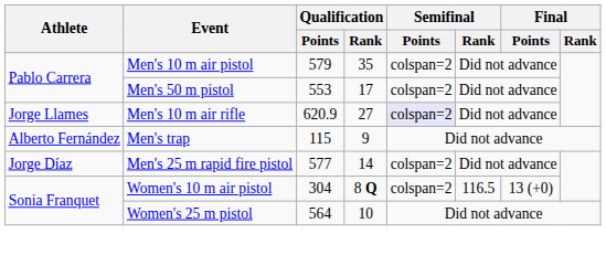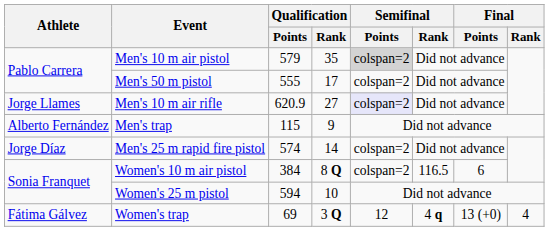 <table class="wikitable" style="font-size:90%">
 <tr>
 <th rowspan="2">Athlete</th>
 <th rowspan="2">Event</th>
 <th colspan=2>Qualification</th>
 <th colspan=2>Semifinal</th>
 <th colspan=2>Final</th>
 </tr>
 <tr style="font-size:95%">
 <th>Points</th>
 <th>Rank</th>
 <th>Points</th>
 <th>Rank</th>
 <th>Points</th>
 <th>Rank</th>
 </tr>
 <tr align=center>
 <td style="text-align:left;" rowspan="2"><a href='#'>Pablo Carrera</a></td>
 <td align=left><a href='#'>Men's 10 m air pistol</a></td>
 <td>579</td>
 <td>35</td>
-<td>colspan=2 </td>
+<td style="background: lightgrey;">colspan=2 </td>
 <td colspan=2>Did not advance</td>
 </tr>
 <tr align=center>
 <td align=left><a href='#'>Men's 50 m pistol</a></td>
-<td>553</td>
+<td>555</td>
 <td>17</td>
 <td>colspan=2 </td>
 <td colspan=2>Did not advance</td>
 </tr>
 <tr align=center>
 <td align=left><a href='#'>Jorge Llames</a></td>
 <td align=left><a href='#'>Men's 10 m air rifle</a></td>
 <td>620.9</td>
 <td>27</td>
 <td style="background: lavender;">colspan=2 </td>
 <td colspan=2>Did not advance</td>
 </tr>
 <tr align=center>
 <td align=left><a href='#'>Alberto Fernández</a></td>
 <td align=left><a href='#'>Men's trap</a></td>
 <td>115</td>
 <td>9</td>
 <td colspan=4>Did not advance</td>
 </tr>
 <tr align=center>
 <td align=left><a href='#'>Jorge Díaz</a></td>
 <td align=left><a href='#'>Men's 25 m rapid fire pistol</a></td>
-<td>577</td>
+<td>574</td>
 <td>14</td>
 <td>colspan=2 </td>
 <td colspan=2>Did not advance</td>
 </tr>
 <tr align=center>
 <td style="text-align:left;" rowspan="2"><a href='#'>Sonia Franquet</a></td>
 <td align=left><a href='#'>Women's 10 m air pistol</a></td>
-<td>304</td>
+<td>384</td>
 <td>8 <strong>Q</strong></td>
 <td>colspan=2 </td>
 <td>116.5</td>
-<td>13 (+0)</td>
+<td>6</td>
 </tr>
 <tr align=center>
 <td align=left><a href='#'>Women's 25 m pistol</a></td>
-<td>564</td>
+<td>594</td>
 <td>10</td>
 <td colspan=4>Did not advance</td>
 </tr>
+<tr align=center>
+<td align=left><a href='#'>Fátima Gálvez</a></td>
+<td align=left><a href='#'>Women's trap</a></td>
+<td>69</td>
+<td>3 <strong>Q</strong></td>
+<td>12</td>
+<td>4 <strong>q</strong></td>
+<td>13 (+0)</td>
+<td>4</td>
+</tr>
 </table>
